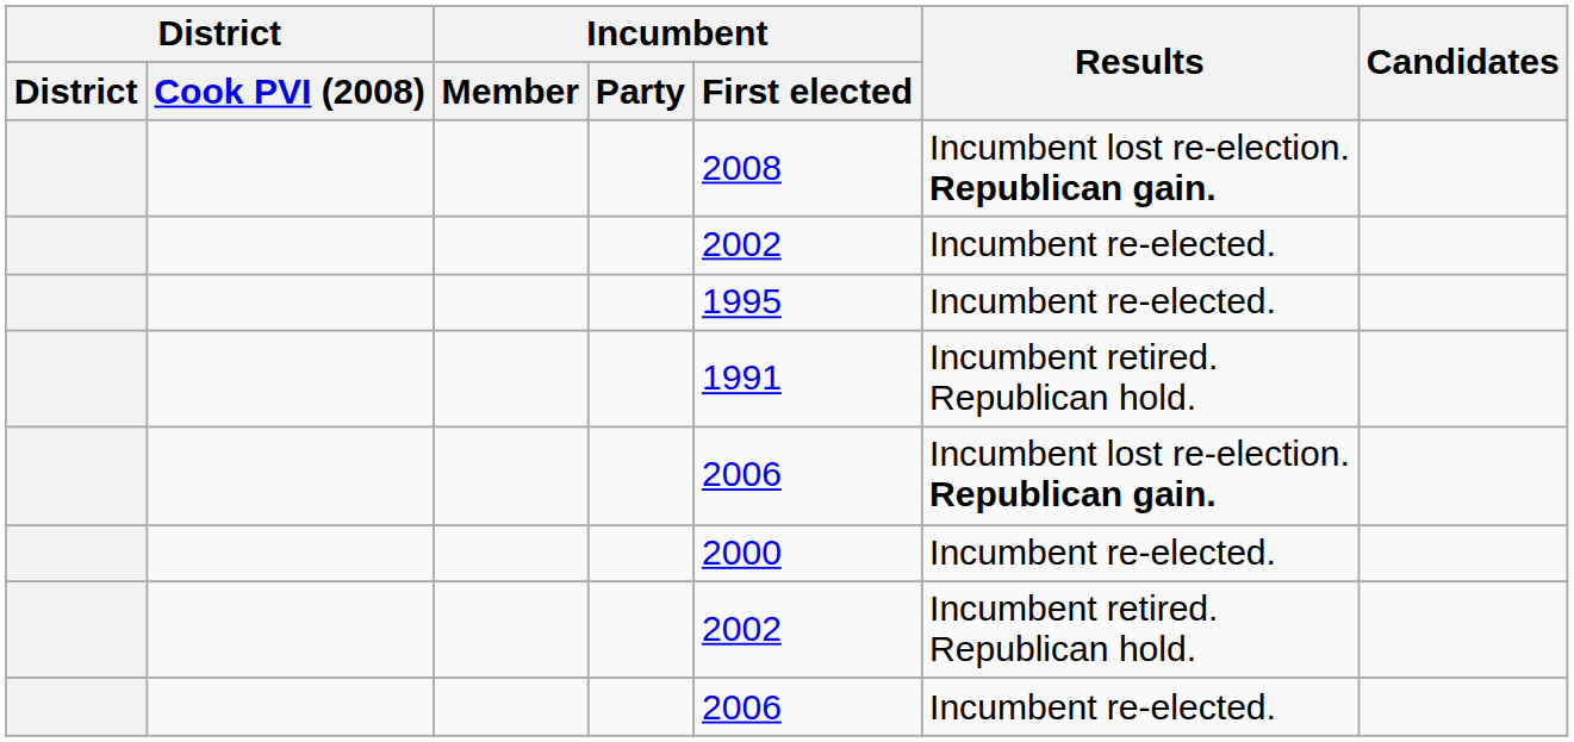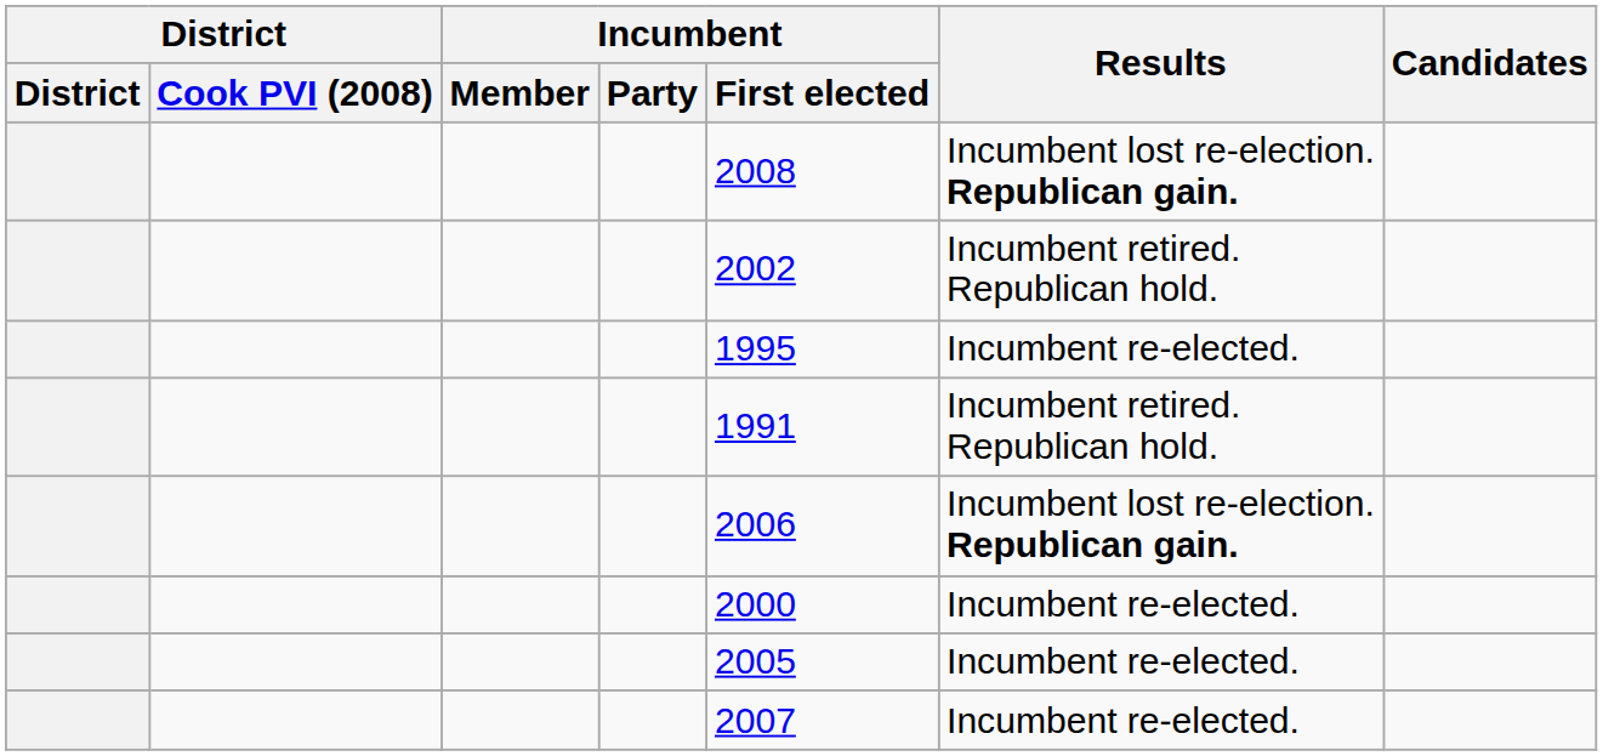 <table class="wikitable sortable">
 <tr>
 <th colspan=2>District</th>
 <th colspan=3>Incumbent</th>
 <th rowspan=2>Results</th>
 <th rowspan=2>Candidates</th>
 </tr>
 <tr valign=bottom>
 <th>District</th>
 <th><a href='#'>Cook PVI</a> (2008)</th>
 <th>Member</th>
 <th>Party</th>
 <th>First elected</th>
 </tr>
 <tr>
 <th></th>
 <td></td>
 <td></td>
 <td></td>
 <td><a href='#'>2008</a></td>
 <td>Incumbent lost re-election.<br><strong>Republican gain.</strong></td>
 <td nowrap></td>
 </tr>
 <tr>
 <th></th>
 <td></td>
 <td></td>
 <td></td>
 <td><a href='#'>2002</a></td>
-<td>Incumbent re-elected.</td>
+<td>Incumbent retired.<br>Republican hold.</td>
 <td nowrap></td>
 </tr>
 <tr>
 <th></th>
 <td></td>
 <td></td>
 <td></td>
 <td><a href='#'>1995</a></td>
 <td>Incumbent re-elected.</td>
 <td nowrap></td>
 </tr>
 <tr>
 <th></th>
 <td></td>
 <td></td>
 <td></td>
 <td><a href='#'>1991 </a></td>
 <td>Incumbent retired.<br>Republican hold.</td>
 <td nowrap></td>
 </tr>
 <tr>
 <th></th>
 <td></td>
 <td></td>
 <td></td>
 <td><a href='#'>2006</a></td>
 <td>Incumbent lost re-election.<br><strong>Republican gain.</strong></td>
 <td nowrap></td>
 </tr>
 <tr>
 <th></th>
 <td></td>
 <td></td>
 <td></td>
 <td><a href='#'>2000</a></td>
 <td>Incumbent re-elected.</td>
 <td nowrap></td>
 </tr>
 <tr>
 <th></th>
 <td></td>
 <td></td>
 <td></td>
-<td><a href='#'>2002</a></td>
-<td>Incumbent retired.<br>Republican hold.</td>
+<td><a href='#'>2005</a></td>
+<td>Incumbent re-elected.</td>
 <td nowrap></td>
 </tr>
 <tr>
 <th></th>
 <td></td>
 <td></td>
 <td></td>
-<td><a href='#'>2006</a></td>
+<td><a href='#'>2007</a></td>
 <td>Incumbent re-elected.</td>
 <td nowrap></td>
 </tr>
 </table>
